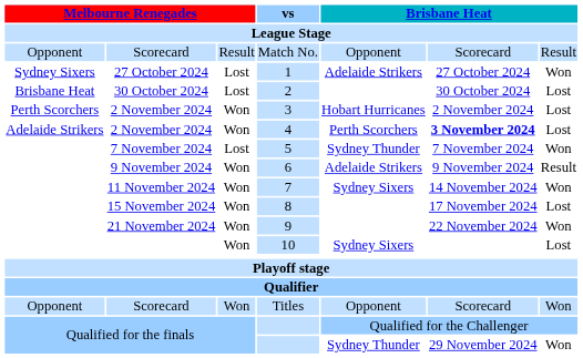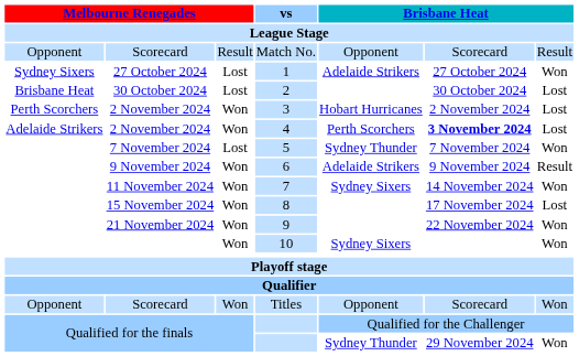 <table style="text-align:center;margin:auto;">
 <tr style="vertical-align:top;background:#99CCFF">
 <td colspan="3" style="background:red"><strong><a href='#'>Melbourne Renegades</a></strong></td>
 <th>vs</th>
 <th colspan="3" style="background:#00B3C4"><a href='#'>Brisbane Heat</a></th>
 </tr>
 <tr style="vertical-align:top;background:#C1E0FF">
 <td colspan="7"><strong>League Stage</strong></td>
 </tr>
 <tr style="vertical-align:top;background:#C1E0FF">
 <td>Opponent</td>
 <td>Scorecard</td>
 <td>Result</td>
 <td>Match No.</td>
 <td>Opponent</td>
 <td>Scorecard</td>
 <td>Result</td>
 </tr>
 <tr>
 <td style="text-align:center"><a href='#'>Sydney Sixers</a></td>
 <td><a href='#'>27 October 2024</a></td>
 <td>Lost</td>
 <td style="background:#C1E0FF">1</td>
 <td style="text-align:center"><a href='#'>Adelaide Strikers</a></td>
 <td><a href='#'>27 October 2024</a></td>
 <td>Won</td>
 </tr>
 <tr>
 <td style="text-align:center"><a href='#'>Brisbane Heat</a></td>
 <td><a href='#'>30 October 2024</a></td>
 <td>Lost</td>
 <td style="background:#C1E0FF">2</td>
 <td style="text-align:center"></td>
 <td><a href='#'>30 October 2024</a></td>
 <td>Lost</td>
 </tr>
 <tr>
 <td style="text-align:center"><a href='#'>Perth Scorchers</a></td>
 <td><a href='#'>2 November 2024</a></td>
 <td>Won</td>
 <td style="background:#C1E0FF">3</td>
 <td style="text-align:center"><a href='#'>Hobart Hurricanes</a></td>
 <td><a href='#'>2 November 2024</a></td>
 <td>Lost</td>
 </tr>
 <tr>
 <td style="text-align:center"><a href='#'>Adelaide Strikers</a></td>
 <td><a href='#'>2 November 2024</a></td>
 <td>Won</td>
 <td style="background:#C1E0FF">4</td>
 <td style="text-align:center"><a href='#'>Perth Scorchers</a></td>
 <td><strong><a href='#'>3 November 2024</a></strong></td>
 <td>Lost</td>
 </tr>
 <tr>
 <td style="text-align:center"></td>
 <td><a href='#'>7 November 2024</a></td>
 <td>Lost</td>
 <td style="background:#C1E0FF">5</td>
 <td style="text-align:center"><a href='#'>Sydney Thunder</a></td>
 <td><a href='#'>7 November 2024</a></td>
 <td>Won</td>
 </tr>
 <tr>
 <td style="text-align:center"></td>
 <td><a href='#'>9 November 2024</a></td>
 <td>Won</td>
 <td style="background:#C1E0FF">6</td>
 <td style="text-align:center"><a href='#'>Adelaide Strikers</a></td>
 <td><a href='#'>9 November 2024</a></td>
 <td>Result</td>
 </tr>
 <tr>
 <td style="text-align:center"></td>
 <td><a href='#'>11 November 2024</a></td>
 <td>Won</td>
 <td style="background:#C1E0FF">7</td>
 <td style="text-align:center"><a href='#'>Sydney Sixers</a></td>
 <td><a href='#'>14 November 2024</a></td>
 <td>Won</td>
 </tr>
 <tr>
 <td style="text-align:center"></td>
 <td><a href='#'>15 November 2024</a></td>
 <td>Won</td>
 <td style="background:#C1E0FF">8</td>
 <td style="text-align:center"></td>
 <td><a href='#'>17 November 2024</a></td>
 <td>Lost</td>
 </tr>
 <tr>
 <td style="text-align:center"></td>
 <td><a href='#'>21 November 2024</a></td>
 <td>Won</td>
 <td style="background:#C1E0FF">9</td>
 <td style="text-align:center"></td>
 <td><a href='#'>22 November 2024</a></td>
 <td>Won</td>
 </tr>
 <tr>
 <td style="text-align:center"></td>
 <td></td>
 <td>Won</td>
 <td style="background:#C1E0FF">10</td>
 <td style="text-align:center"><a href='#'>Sydney Sixers</a></td>
 <td></td>
-<td>Lost</td>
+<td>Won</td>
 </tr>
 <tr>
 <td style="text-align:left"></td>
 </tr>
 <tr style="vertical-align:top;background:#C1E0FF">
 <td colspan="7"><strong>Playoff stage</strong></td>
 </tr>
 <tr style="vertical-align:top;background:#99CCFF">
 <td colspan="7"><strong>Qualifier</strong></td>
 </tr>
 <tr style="vertical-align:top;background:#C1E0FF">
 <td>Opponent</td>
 <td>Scorecard</td>
 <td>Won</td>
 <td>Titles</td>
 <td>Opponent</td>
 <td>Scorecard</td>
 <td>Won</td>
 </tr>
 <tr>
 <td colspan="3" rowspan="2" style="text-align:center;background:#99CCFF">Qualified for the finals</td>
 <td style="background:#C1E0FF"></td>
 <td colspan="3" style="text-align:center;background:#99CCFF">Qualified for the Challenger</td>
 </tr>
 <tr>
 <td style="background:#C1E0FF"></td>
 <td style="text-align:center"><a href='#'>Sydney Thunder</a></td>
 <td><a href='#'>29 November 2024</a></td>
 <td>Won</td>
 </tr>
 </table>
